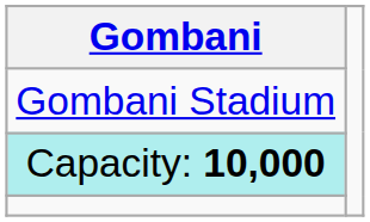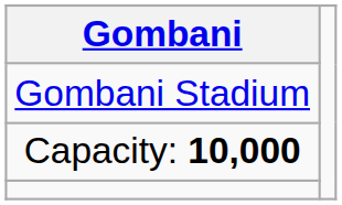 <table class="wikitable" style="text-align:center; margin:0.2em auto;">
 <tr>
 <th><a href='#'>Gombani</a></th>
 <td rowspan="4"></td>
 </tr>
 <tr>
 <td><a href='#'>Gombani Stadium</a></td>
 </tr>
 <tr>
-<td style="background: paleturquoise;">Capacity: <strong>10,000</strong></td>
+<td>Capacity: <strong>10,000</strong></td>
 </tr>
 <tr>
 <td></td>
 </tr>
 </table>
